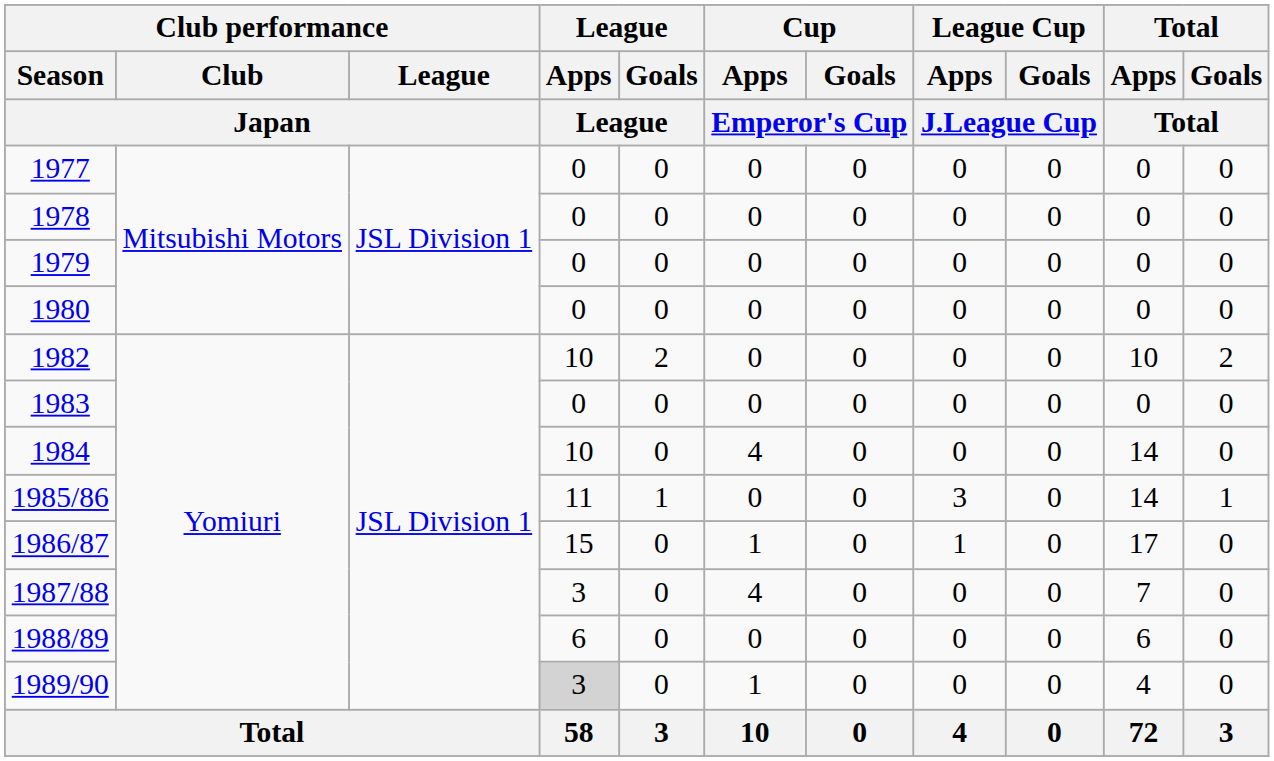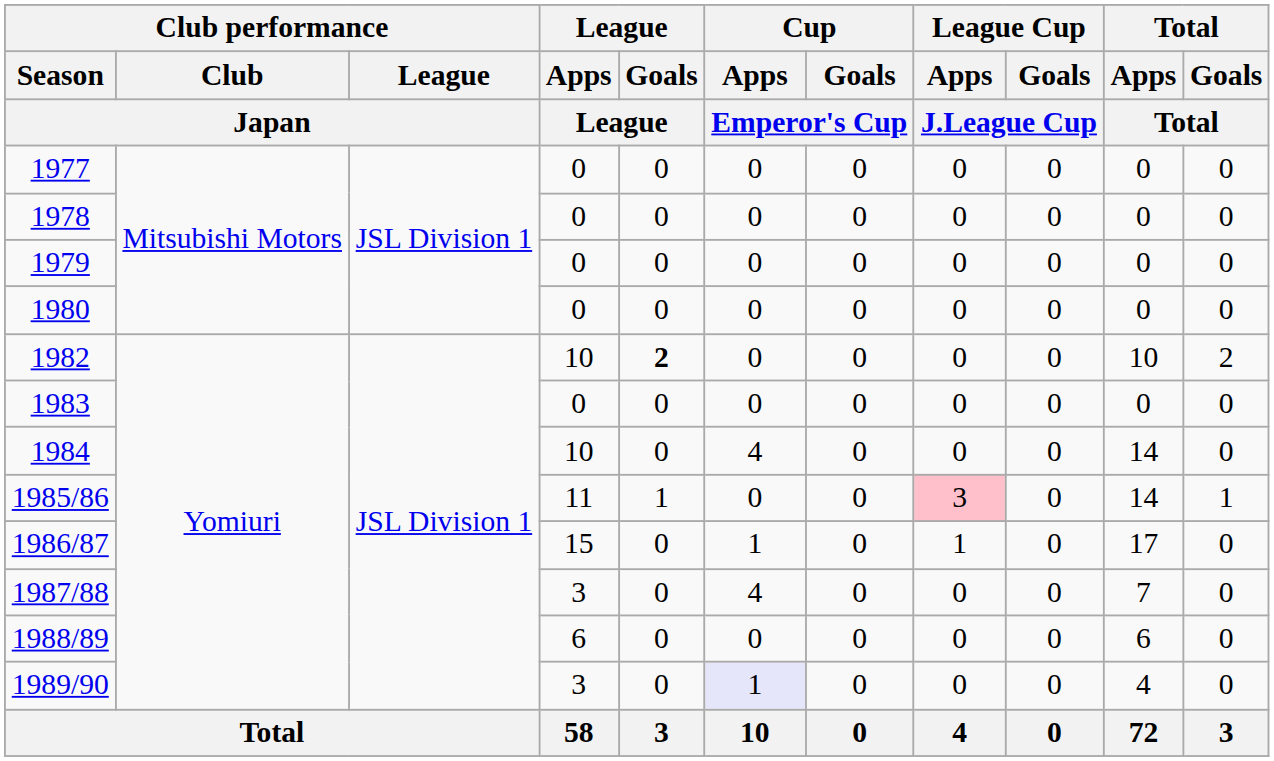 <table class="wikitable" style="text-align:center;">
 <tr>
 <th colspan=3>Club performance</th>
 <th colspan=2>League</th>
 <th colspan=2>Cup</th>
 <th colspan=2>League Cup</th>
 <th colspan=2>Total</th>
 </tr>
 <tr>
 <th>Season</th>
 <th>Club</th>
 <th>League</th>
 <th>Apps</th>
 <th>Goals</th>
 <th>Apps</th>
 <th>Goals</th>
 <th>Apps</th>
 <th>Goals</th>
 <th>Apps</th>
 <th>Goals</th>
 </tr>
 <tr>
 <th colspan=3>Japan</th>
 <th colspan=2>League</th>
 <th colspan=2><a href='#'>Emperor's Cup</a></th>
 <th colspan=2><a href='#'>J.League Cup</a></th>
 <th colspan=2>Total</th>
 </tr>
 <tr>
 <td><a href='#'>1977</a></td>
 <td rowspan="4"><a href='#'>Mitsubishi Motors</a></td>
 <td rowspan="4"><a href='#'>JSL Division 1</a></td>
 <td>0</td>
 <td>0</td>
 <td>0</td>
 <td>0</td>
 <td>0</td>
 <td>0</td>
 <td>0</td>
 <td>0</td>
 </tr>
 <tr>
 <td><a href='#'>1978</a></td>
 <td>0</td>
 <td>0</td>
 <td>0</td>
 <td>0</td>
 <td>0</td>
 <td>0</td>
 <td>0</td>
 <td>0</td>
 </tr>
 <tr>
 <td><a href='#'>1979</a></td>
 <td>0</td>
 <td>0</td>
 <td>0</td>
 <td>0</td>
 <td>0</td>
 <td>0</td>
 <td>0</td>
 <td>0</td>
 </tr>
 <tr>
 <td><a href='#'>1980</a></td>
 <td>0</td>
 <td>0</td>
 <td>0</td>
 <td>0</td>
 <td>0</td>
 <td>0</td>
 <td>0</td>
 <td>0</td>
 </tr>
 <tr>
 <td><a href='#'>1982</a></td>
 <td rowspan="8"><a href='#'>Yomiuri</a></td>
 <td rowspan="8"><a href='#'>JSL Division 1</a></td>
 <td>10</td>
-<td>2</td>
+<td><strong>2</strong></td>
 <td>0</td>
 <td>0</td>
 <td>0</td>
 <td>0</td>
 <td>10</td>
 <td>2</td>
 </tr>
 <tr>
 <td><a href='#'>1983</a></td>
 <td>0</td>
 <td>0</td>
 <td>0</td>
 <td>0</td>
 <td>0</td>
 <td>0</td>
 <td>0</td>
 <td>0</td>
 </tr>
 <tr>
 <td><a href='#'>1984</a></td>
 <td>10</td>
 <td>0</td>
 <td>4</td>
 <td>0</td>
 <td>0</td>
 <td>0</td>
 <td>14</td>
 <td>0</td>
 </tr>
 <tr>
 <td><a href='#'>1985/86</a></td>
 <td>11</td>
 <td>1</td>
 <td>0</td>
 <td>0</td>
-<td>3</td>
+<td style="background: pink;">3</td>
 <td>0</td>
 <td>14</td>
 <td>1</td>
 </tr>
 <tr>
 <td><a href='#'>1986/87</a></td>
 <td>15</td>
 <td>0</td>
 <td>1</td>
 <td>0</td>
 <td>1</td>
 <td>0</td>
 <td>17</td>
 <td>0</td>
 </tr>
 <tr>
 <td><a href='#'>1987/88</a></td>
 <td>3</td>
 <td>0</td>
 <td>4</td>
 <td>0</td>
 <td>0</td>
 <td>0</td>
 <td>7</td>
 <td>0</td>
 </tr>
 <tr>
 <td><a href='#'>1988/89</a></td>
 <td>6</td>
 <td>0</td>
 <td>0</td>
 <td>0</td>
 <td>0</td>
 <td>0</td>
 <td>6</td>
 <td>0</td>
 </tr>
 <tr>
 <td><a href='#'>1989/90</a></td>
-<td style="background: lightgrey;">3</td>
+<td>3</td>
 <td>0</td>
-<td>1</td>
+<td style="background: lavender;">1</td>
 <td>0</td>
 <td>0</td>
 <td>0</td>
 <td>4</td>
 <td>0</td>
 </tr>
 <tr>
 <th colspan=3>Total</th>
 <th>58</th>
 <th>3</th>
 <th>10</th>
 <th>0</th>
 <th>4</th>
 <th>0</th>
 <th>72</th>
 <th>3</th>
 </tr>
 </table>
